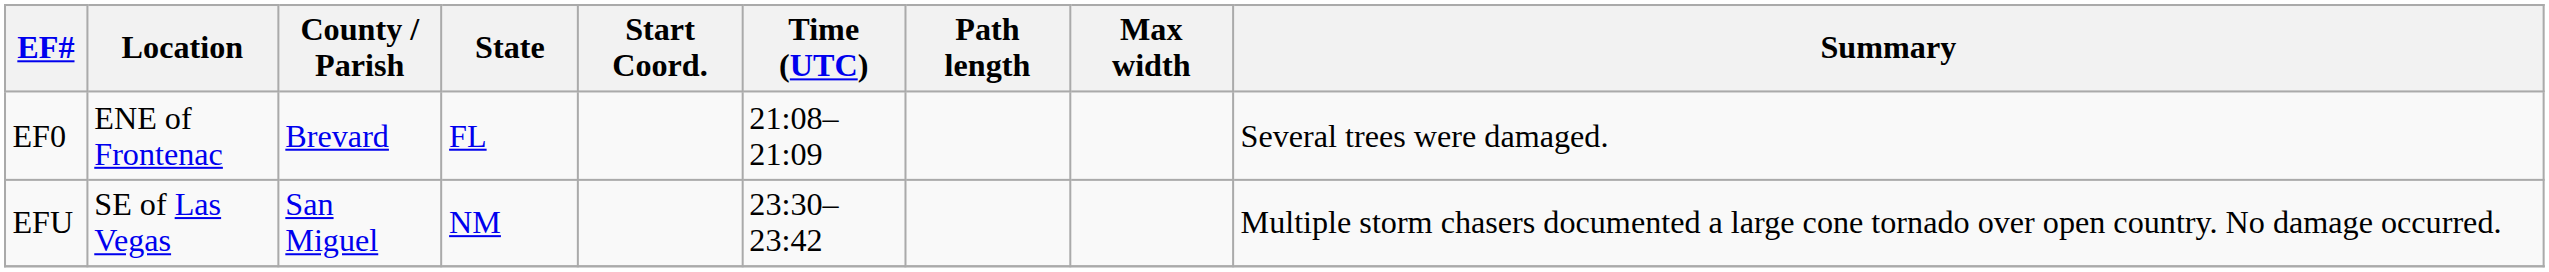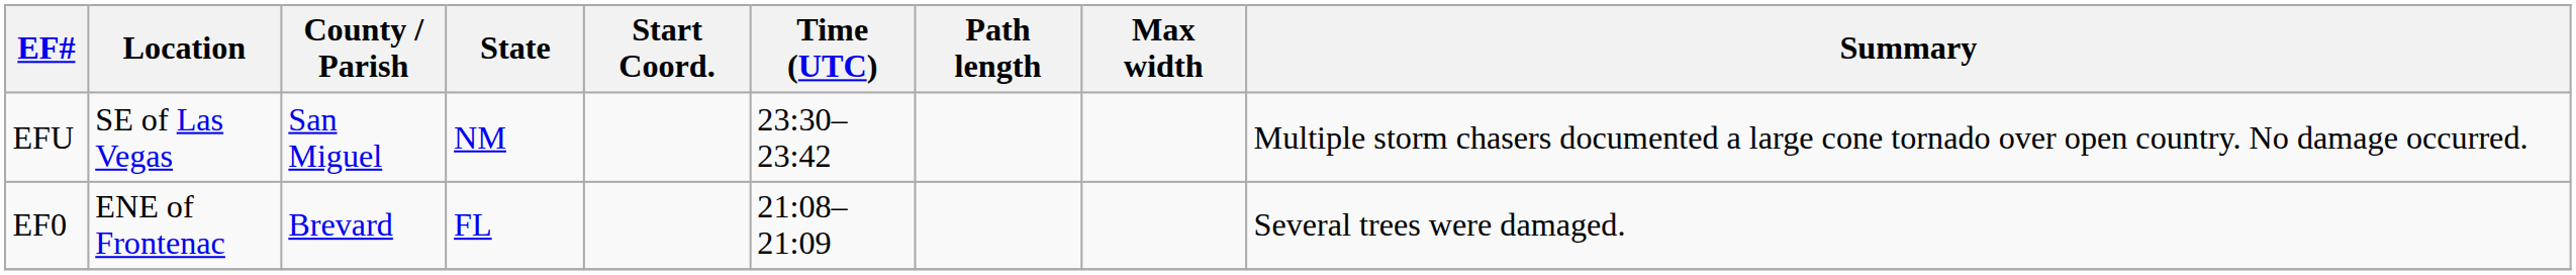 <table class="wikitable sortable" style="width:100%;">
 <tr>
 <th scope="col"  style="width:3%; text-align:center;"><a href='#'>EF#</a></th>
 <th scope="col"  style="width:7%; text-align:center;" class="unsortable">Location</th>
 <th scope="col"  style="width:6%; text-align:center;" class="unsortable">County / Parish</th>
 <th scope="col"  style="width:5%; text-align:center;">State</th>
 <th scope="col"  style="width:6%; text-align:center;">Start Coord.</th>
 <th scope="col"  style="width:6%; text-align:center;">Time (<a href='#'>UTC</a>)</th>
 <th scope="col"  style="width:6%; text-align:center;">Path length</th>
 <th scope="col"  style="width:6%; text-align:center;">Max width</th>
 <th scope="col" class="unsortable" style="width:48%; text-align:center;">Summary</th>
 </tr>
 <tr>
+<td>EFU</td>
+<td>SE of <a href='#'>Las Vegas</a></td>
+<td><a href='#'>San Miguel</a></td>
+<td><a href='#'>NM</a></td>
+<td></td>
+<td>23:30–23:42</td>
+<td></td>
+<td></td>
+<td>Multiple storm chasers documented a large cone tornado over open country. No damage occurred.</td>
+</tr>
+<tr>
 <td>EF0</td>
 <td>ENE of <a href='#'>Frontenac</a></td>
 <td><a href='#'>Brevard</a></td>
 <td><a href='#'>FL</a></td>
 <td></td>
 <td>21:08–21:09</td>
 <td></td>
 <td></td>
 <td>Several trees were damaged.</td>
 </tr>
 <tr>
-<td>EFU</td>
-<td>SE of <a href='#'>Las Vegas</a></td>
-<td><a href='#'>San Miguel</a></td>
-<td><a href='#'>NM</a></td>
-<td></td>
-<td>23:30–23:42</td>
-<td></td>
-<td></td>
-<td>Multiple storm chasers documented a large cone tornado over open country. No damage occurred.</td>
-</tr>
-<tr>
 </tr>
 </table>
